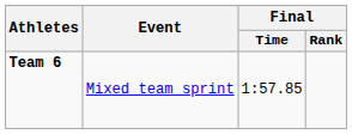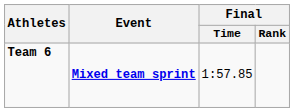 <table class="wikitable" style="font-size:90%">
 <tr>
 <th rowspan="2">Athletes</th>
 <th rowspan="2">Event</th>
 <th colspan="2">Final</th>
 </tr>
 <tr style="font-size:95%">
 <th>Time</th>
 <th>Rank</th>
 </tr>
 <tr align=center>
 <td align=left><strong>Team 6</strong><br><br><br><br></td>
-<td align=left><a href='#'>Mixed team sprint</a></td>
+<td align=left><strong><a href='#'>Mixed team sprint</a></strong></td>
 <td>1:57.85</td>
 <td></td>
 </tr>
 </table>
